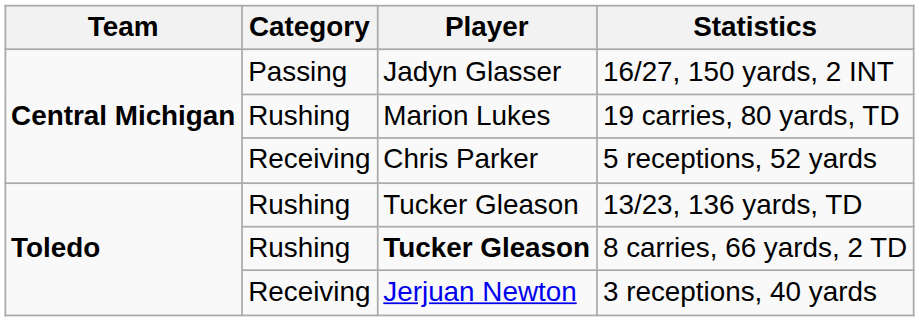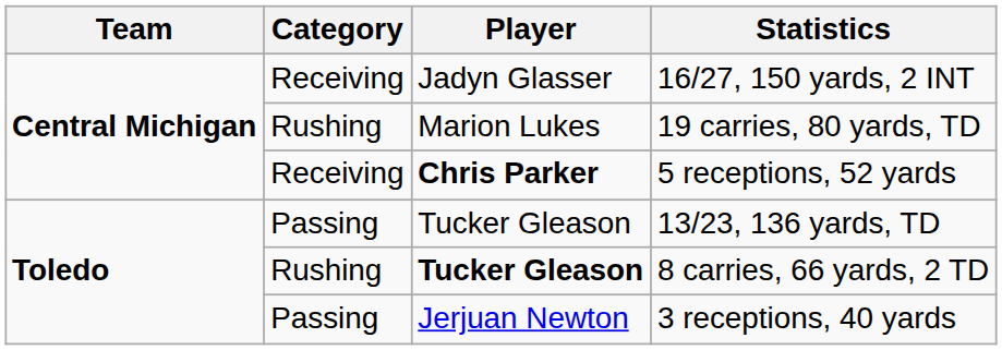 <table class="wikitable" style="float: right;">
 <tr>
 <th>Team</th>
 <th>Category</th>
 <th>Player</th>
 <th>Statistics</th>
 </tr>
 <tr>
 <td rowspan=3><strong>Central Michigan</strong></td>
-<td>Passing</td>
+<td>Receiving</td>
 <td>Jadyn Glasser</td>
 <td>16/27, 150 yards, 2 INT</td>
 </tr>
 <tr>
 <td>Rushing</td>
 <td>Marion Lukes</td>
 <td>19 carries, 80 yards, TD</td>
 </tr>
 <tr>
 <td>Receiving</td>
-<td>Chris Parker</td>
+<td><strong>Chris Parker</strong></td>
 <td>5 receptions, 52 yards</td>
 </tr>
 <tr>
 <td rowspan=3><strong>Toledo</strong></td>
-<td>Rushing</td>
+<td>Passing</td>
 <td>Tucker Gleason</td>
 <td>13/23, 136 yards, TD</td>
 </tr>
 <tr>
 <td>Rushing</td>
 <td><strong>Tucker Gleason</strong></td>
 <td>8 carries, 66 yards, 2 TD</td>
 </tr>
 <tr>
-<td>Receiving</td>
+<td>Passing</td>
 <td><a href='#'>Jerjuan Newton</a></td>
 <td>3 receptions, 40 yards</td>
 </tr>
 </table>
